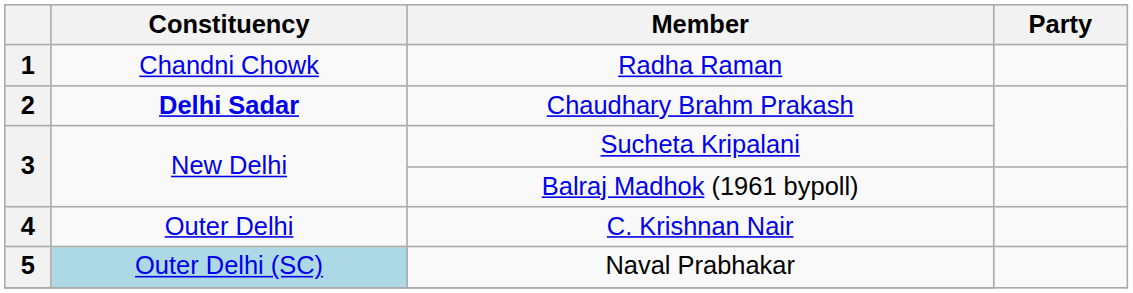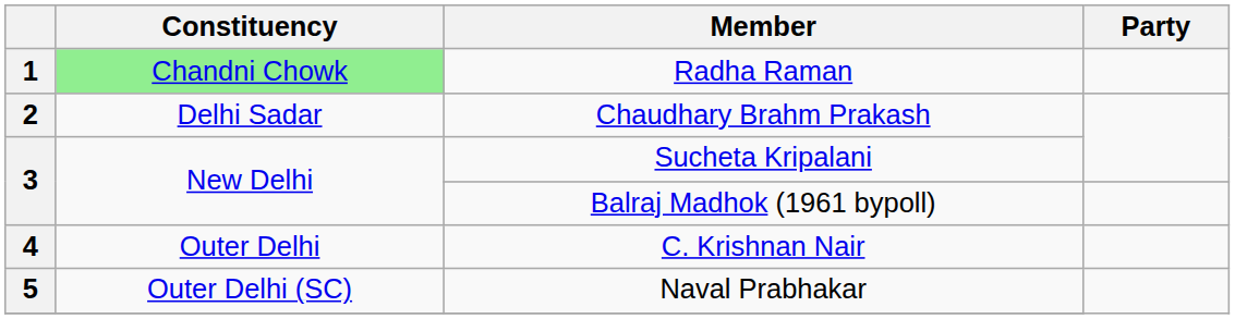 <table class="wikitable sortable" style="width:80%; text-align:center">
 <tr>
 <th></th>
 <th>Constituency</th>
 <th>Member</th>
 <th colspan="2" scope="col">Party</th>
 </tr>
 <tr>
 <th>1</th>
-<td><a href='#'>Chandni Chowk</a></td>
+<td style="background: lightgreen;"><a href='#'>Chandni Chowk</a></td>
 <td><a href='#'>Radha Raman</a></td>
 <td></td>
 </tr>
 <tr>
 <th>2</th>
-<td><strong><a href='#'>Delhi Sadar</a></strong></td>
+<td><a href='#'>Delhi Sadar</a></td>
 <td><a href='#'>Chaudhary Brahm Prakash</a></td>
 </tr>
 <tr>
 <th rowspan=2>3</th>
 <td rowspan=2><a href='#'>New Delhi</a></td>
 <td><a href='#'>Sucheta Kripalani</a>   </td>
 </tr>
 <tr>
 <td><a href='#'>Balraj Madhok</a>  (1961 bypoll)</td>
 <td></td>
 </tr>
 <tr>
 <th>4</th>
 <td><a href='#'>Outer Delhi</a></td>
 <td><a href='#'>C. Krishnan Nair</a></td>
 <td></td>
 </tr>
 <tr>
 <th>5</th>
-<td style="background: lightblue;"><a href='#'>Outer Delhi (SC)</a></td>
+<td><a href='#'>Outer Delhi (SC)</a></td>
 <td>Naval Prabhakar</td>
 </tr>
 <tr>
 </tr>
 </table>
